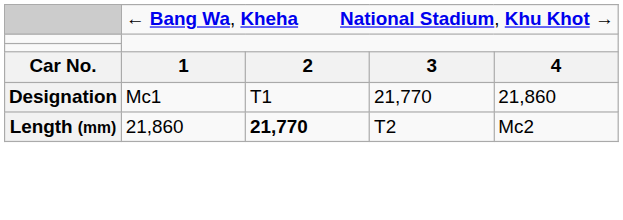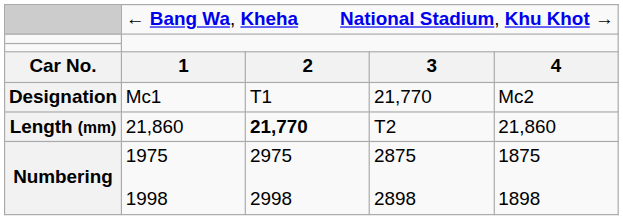 <table class="wikitable">
 <tr>
 <td style="background-color:#ccc;"> </td>
 <td colspan="4">← <a href='#'><strong>Bang Wa</strong></a>, <a href='#'><strong>Kheha</strong></a>                                                   <a href='#'><strong>National Stadium</strong></a>, <strong><a href='#'>Khu Khot</a></strong> →</td>
 </tr>
 <tr>
 <td style="background:#"></td>
 </tr>
 <tr>
 <td style="background:#"></td>
 </tr>
 <tr>
 <th>Car No.</th>
 <th>1</th>
 <th>2</th>
 <th>3</th>
 <th>4</th>
 </tr>
 <tr>
 <th>Designation</th>
 <td>Mc1</td>
 <td>T1</td>
 <td>21,770</td>
-<td>21,860</td>
+<td>Mc2</td>
 </tr>
 <tr>
 <th>Length <small>(mm)</small></th>
 <td>21,860</td>
 <td><strong>21,770</strong></td>
 <td>T2</td>
-<td>Mc2</td>
+<td>21,860</td>
+</tr>
+<tr>
+<th>Numbering</th>
+<td>1975<br><br>1998</td>
+<td>2975<br><br>2998</td>
+<td>2875<br><br>2898</td>
+<td>1875<br><br>1898</td>
 </tr>
 </table>
